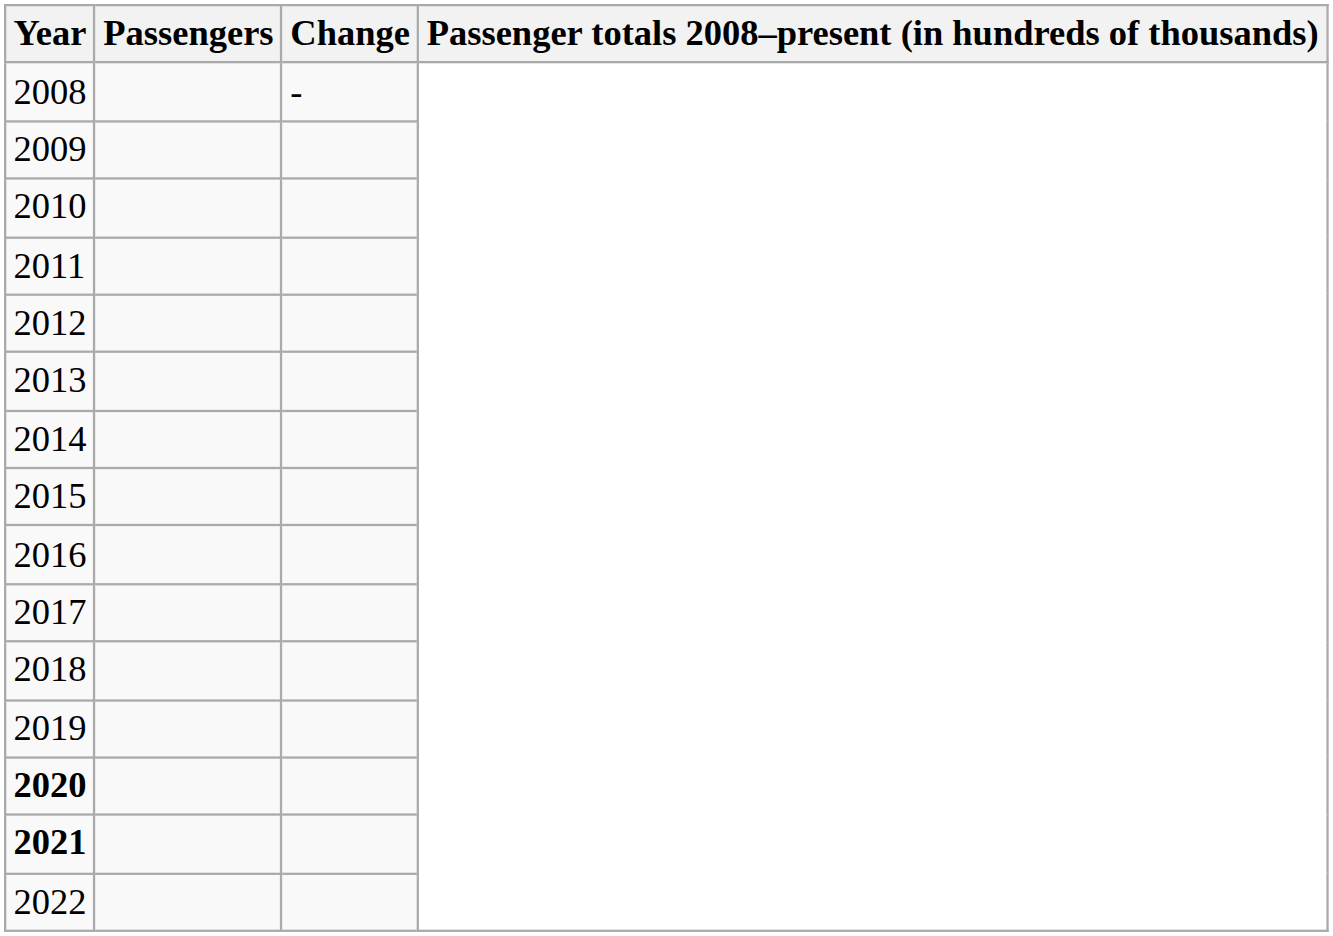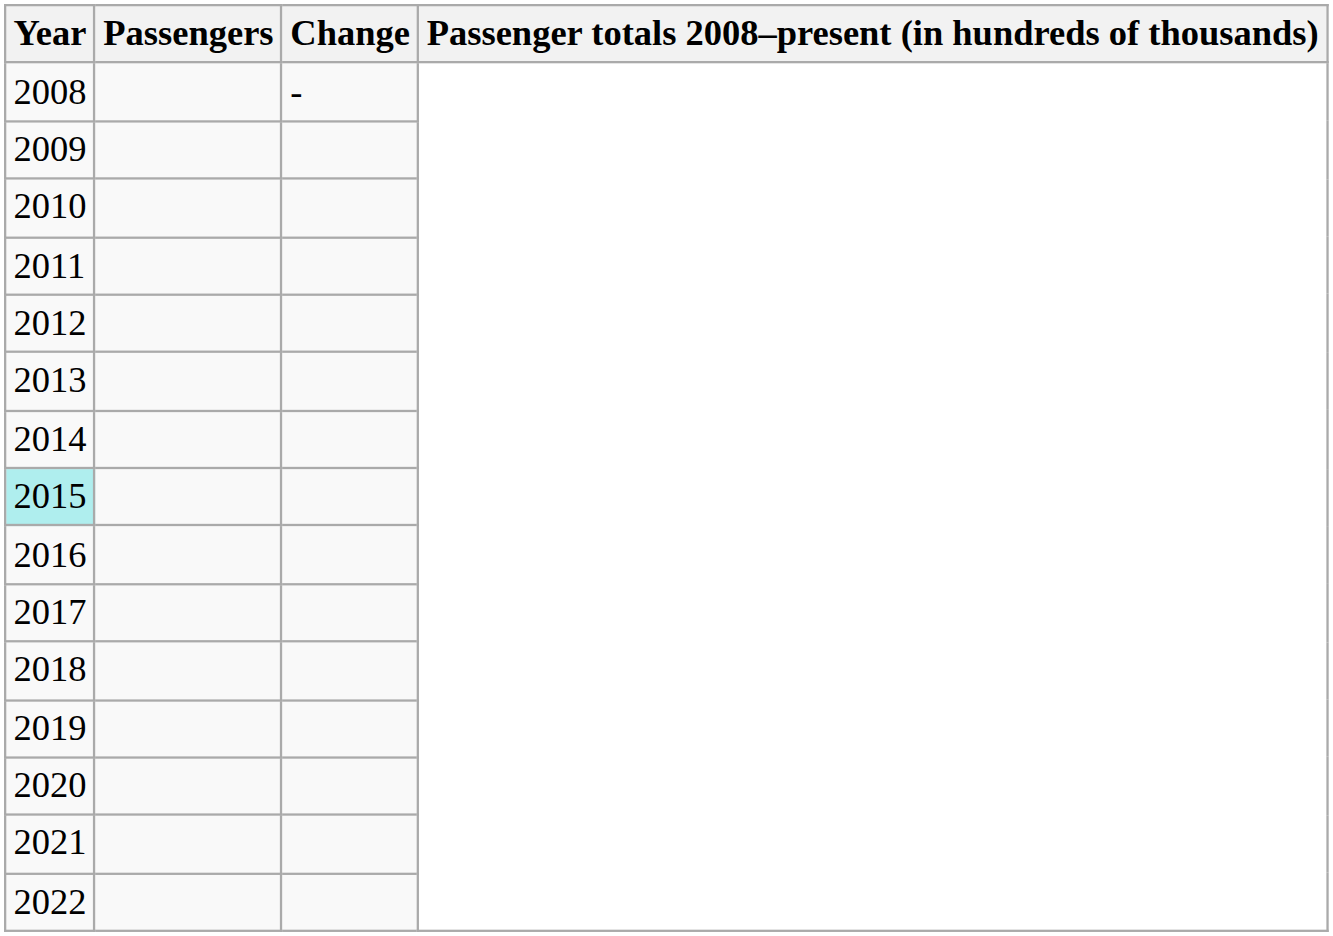 <table class="wikitable">
 <tr>
 <th>Year</th>
 <th>Passengers</th>
 <th>Change</th>
 <th>Passenger totals 2008–present (in hundreds of thousands)</th>
 </tr>
 <tr>
 <td>2008</td>
 <td></td>
 <td>-</td>
 <td rowspan="15" style="background:#fff;"></td>
 </tr>
 <tr>
 <td>2009</td>
 <td></td>
 <td></td>
 </tr>
 <tr>
 <td>2010</td>
 <td></td>
 <td></td>
 </tr>
 <tr>
 <td>2011</td>
 <td></td>
 <td></td>
 </tr>
 <tr>
 <td>2012</td>
 <td></td>
 <td></td>
 </tr>
 <tr>
 <td>2013</td>
 <td></td>
 <td></td>
 </tr>
 <tr>
 <td>2014</td>
 <td></td>
 <td></td>
 </tr>
 <tr>
-<td>2015</td>
+<td style="background: paleturquoise;">2015</td>
 <td></td>
 <td></td>
 </tr>
 <tr>
 <td>2016</td>
 <td></td>
 <td></td>
 </tr>
 <tr>
 <td>2017</td>
 <td></td>
 <td></td>
 </tr>
 <tr>
 <td>2018</td>
 <td></td>
 <td></td>
 </tr>
 <tr>
 <td>2019</td>
 <td></td>
 <td></td>
 </tr>
 <tr>
-<td><strong>2020</strong></td>
+<td>2020</td>
 <td></td>
 <td></td>
 </tr>
 <tr>
-<td><strong>2021</strong></td>
+<td>2021</td>
 <td></td>
 <td></td>
 </tr>
 <tr>
 <td>2022</td>
 <td></td>
 <td></td>
 </tr>
 </table>
